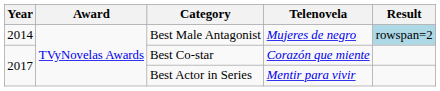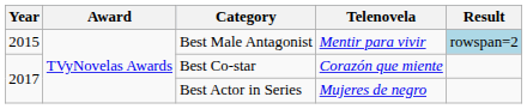 <table class="wikitable">
 <tr style="background:#b0c4de;">
 <th>Year</th>
 <th>Award</th>
 <th>Category</th>
 <th>Telenovela</th>
 <th>Result</th>
 </tr>
 <tr>
-<td>2014</td>
+<td>2015</td>
 <td rowspan=3><a href='#'>TVyNovelas Awards</a></td>
 <td>Best Male Antagonist</td>
-<td><em><a href='#'>Mujeres de negro</a> </em></td>
+<td><em><a href='#'>Mentir para vivir</a></em></td>
 <td style="background: lightblue;">rowspan=2 </td>
 </tr>
 <tr>
 <td rowspan=2>2017</td>
 <td>Best Co-star</td>
 <td><em><a href='#'>Corazón que miente</a> </em></td>
 </tr>
 <tr>
 <td>Best Actor in Series</td>
-<td><em><a href='#'>Mentir para vivir</a></em></td>
+<td><em><a href='#'>Mujeres de negro</a> </em></td>
 <td></td>
 </tr>
 </table>
